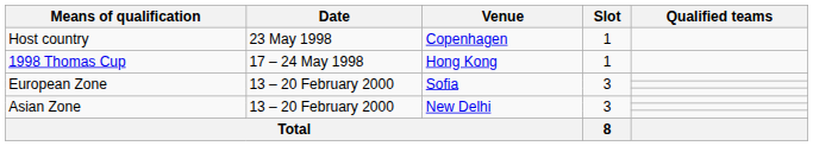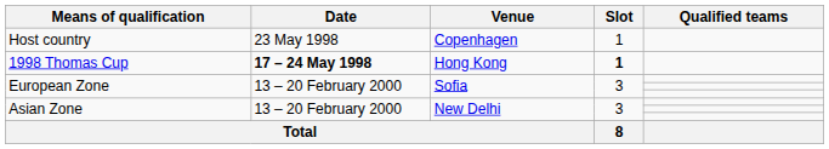 <table class="wikitable" width="900">
 <tr>
 <th width="30%">Means of qualification</th>
 <th width="22%">Date</th>
 <th width="20%">Venue</th>
 <th width="6%">Slot</th>
 <th width="22%">Qualified teams</th>
 </tr>
 <tr>
 <td>Host country</td>
 <td>23 May 1998</td>
 <td><a href='#'>Copenhagen</a></td>
 <td align="center">1</td>
 <td></td>
 </tr>
 <tr>
 <td><a href='#'>1998 Thomas Cup</a></td>
-<td>17 – 24 May 1998</td>
+<td><strong>17 – 24 May 1998</strong></td>
 <td><a href='#'>Hong Kong</a></td>
-<td align="center">1</td>
+<td align="center"><strong>1</strong></td>
 <td></td>
 </tr>
 <tr>
 <td rowspan="3">European Zone</td>
 <td rowspan="3">13 – 20 February 2000</td>
 <td rowspan="3"><a href='#'>Sofia</a></td>
 <td rowspan="3" align="center">3</td>
 <td></td>
 </tr>
 <tr>
 <td></td>
 </tr>
 <tr>
 <td></td>
 </tr>
 <tr>
 <td rowspan="3">Asian Zone</td>
 <td rowspan="3">13 – 20 February 2000</td>
 <td rowspan="3"><a href='#'>New Delhi</a></td>
 <td rowspan="3" align="center">3</td>
 <td></td>
 </tr>
 <tr>
 <td></td>
 </tr>
 <tr>
 <td></td>
 </tr>
 <tr>
 <th colspan="3">Total</th>
 <th>8</th>
 <th></th>
 </tr>
 </table>
